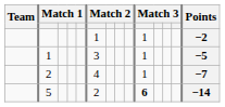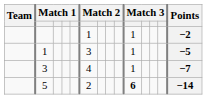 <table class="wikitable sortable" style="text-align:center;">
 <tr>
 <th rowspan=2>Team</th>
 <th colspan=4 style="border-left:3px solid gray">Match 1</th>
 <th colspan=4 style="border-left:3px solid gray">Match 2</th>
 <th colspan=4 style="border-left:3px solid gray">Match 3</th>
 <th rowspan=2 style="border-left:3px solid gray">Points</th>
 </tr>
 <tr>
 <th style="border-left:3px solid gray"></th>
 <th></th>
 <th></th>
 <th></th>
 <th style="border-left:3px solid gray"></th>
 <th></th>
 <th></th>
 <th></th>
 <th style="border-left:3px solid gray"></th>
 <th></th>
 <th></th>
 <th></th>
 </tr>
 <tr>
 <td align=left></td>
 <td style="border-left:3px solid gray"></td>
 <td></td>
 <td></td>
 <td></td>
 <td style="border-left:3px solid gray">1</td>
 <td></td>
 <td></td>
 <td></td>
 <td style="border-left:3px solid gray">1</td>
 <td></td>
 <td></td>
 <td></td>
 <th style="border-left:3px solid gray">−2</th>
 </tr>
 <tr>
 <td align=left></td>
 <td style="border-left:3px solid gray">1</td>
 <td></td>
 <td></td>
 <td></td>
 <td style="border-left:3px solid gray">3</td>
 <td></td>
 <td></td>
 <td></td>
 <td style="border-left:3px solid gray">1</td>
 <td></td>
 <td></td>
 <td></td>
 <th style="border-left:3px solid gray">−5</th>
 </tr>
 <tr>
 <td align=left></td>
-<td style="border-left:3px solid gray">2</td>
+<td style="border-left:3px solid gray">3</td>
 <td></td>
 <td></td>
 <td></td>
 <td style="border-left:3px solid gray">4</td>
 <td></td>
 <td></td>
 <td></td>
 <td style="border-left:3px solid gray">1</td>
 <td></td>
 <td></td>
 <td></td>
 <th style="border-left:3px solid gray">−7</th>
 </tr>
 <tr>
 <td align=left></td>
 <td style="border-left:3px solid gray">5</td>
 <td></td>
 <td></td>
 <td></td>
 <td style="border-left:3px solid gray">2</td>
 <td></td>
 <td></td>
 <td></td>
 <td style="border-left:3px solid gray"><strong>6</strong></td>
 <td></td>
 <td></td>
 <td></td>
 <th style="border-left:3px solid gray">−14</th>
 </tr>
 </table>
